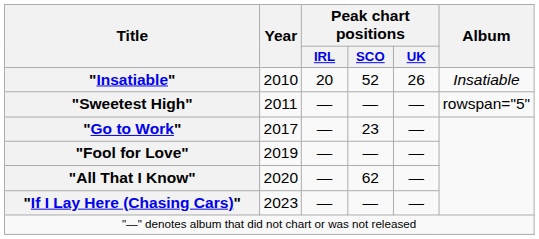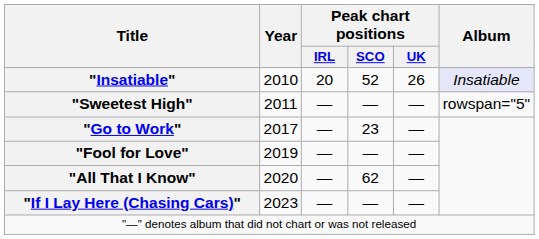 <table class="wikitable plainrowheaders" style="text-align:center;">
 <tr>
 <th scope="col" rowspan="2" style="width:16em;">Title</th>
 <th scope="col" rowspan="2" style="width:1em;">Year</th>
 <th scope="col" colspan="3">Peak chart positions</th>
 <th scope="col" rowspan="2">Album</th>
 </tr>
 <tr>
 <th scope="col" style="width:3em;font-size:85%;"><a href='#'>IRL</a><br></th>
 <th scope="col" style="width:3em;font-size:85%;"><a href='#'>SCO</a><br></th>
 <th scope="col" style="width:3em;font-size:85%;"><a href='#'>UK</a><br></th>
 </tr>
 <tr>
 <th scope="row">"<a href='#'>Insatiable</a>"</th>
 <td>2010</td>
 <td>20</td>
 <td>52</td>
 <td>26</td>
-<td><em>Insatiable</em></td>
+<td style="background: lavender;"><em>Insatiable</em></td>
 </tr>
 <tr>
 <th scope="row">"Sweetest High"</th>
 <td>2011</td>
 <td>—</td>
 <td>—</td>
 <td>—</td>
 <td>rowspan="5" </td>
 </tr>
 <tr>
 <th scope="row">"<a href='#'>Go to Work</a>"</th>
 <td>2017</td>
 <td>—</td>
 <td>23</td>
 <td>—</td>
 </tr>
 <tr>
 <th scope="row">"Fool for Love"</th>
 <td>2019</td>
 <td>—</td>
 <td>—</td>
 <td>—</td>
 </tr>
 <tr>
 <th scope="row">"All That I Know"</th>
 <td>2020</td>
 <td>—</td>
 <td>62</td>
 <td>—</td>
 </tr>
 <tr>
 <th scope="row">"<a href='#'>If I Lay Here (Chasing Cars)</a>"</th>
 <td>2023</td>
 <td>—</td>
 <td>—</td>
 <td>—</td>
 </tr>
 <tr>
 <td colspan="7" style="font-size:9pt">"—" denotes album that did not chart or was not released</td>
 </tr>
 </table>
